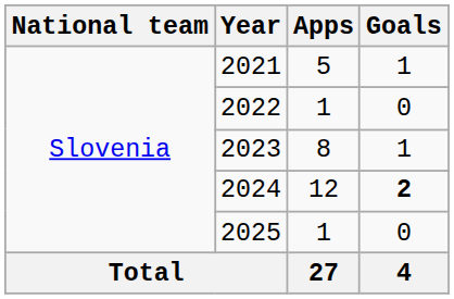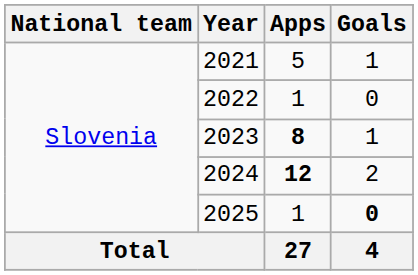 <table class=wikitable style=text-align:center>
 <tr>
 <th>National team</th>
 <th>Year</th>
 <th>Apps</th>
 <th>Goals</th>
 </tr>
 <tr>
 <td rowspan=5><a href='#'>Slovenia</a></td>
 <td>2021</td>
 <td>5</td>
 <td>1</td>
 </tr>
 <tr>
 <td>2022</td>
 <td>1</td>
 <td>0</td>
 </tr>
 <tr>
 <td>2023</td>
-<td>8</td>
+<td><strong>8</strong></td>
 <td>1</td>
 </tr>
 <tr>
 <td>2024</td>
-<td>12</td>
-<td><strong>2</strong></td>
+<td><strong>12</strong></td>
+<td>2</td>
 </tr>
 <tr>
 <td>2025</td>
 <td>1</td>
-<td>0</td>
+<td><strong>0</strong></td>
 </tr>
 <tr>
 <th colspan=2>Total</th>
 <th>27</th>
 <th>4</th>
 </tr>
 </table>
